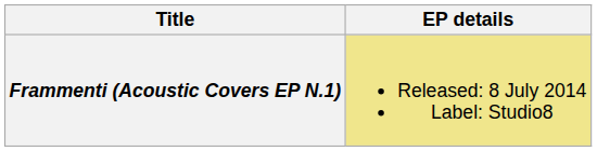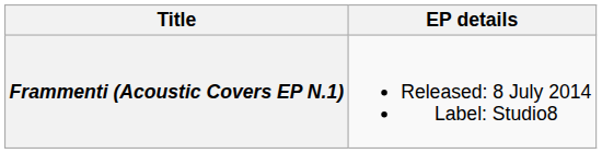 <table class="wikitable plainrowheaders" style="text-align:center;">
 <tr>
 <th scope="col">Title</th>
 <th scope="col">EP details</th>
 </tr>
 <tr>
 <th scope="row"><em>Frammenti (Acoustic Covers EP N.1)</em></th>
-<td style="background: khaki;"><br><ul><li>Released: 8 July 2014</li><li>Label: Studio8</li></ul></td>
+<td><br><ul><li>Released: 8 July 2014</li><li>Label: Studio8</li></ul></td>
 </tr>
 </table>
